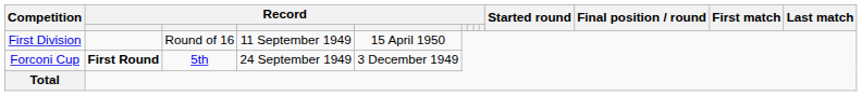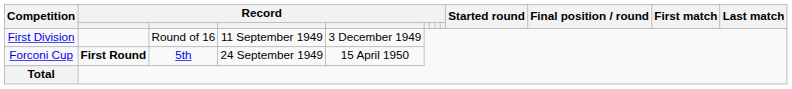 <table class="wikitable" style="text-align: center">
 <tr>
 <th rowspan=2>Competition</th>
 <th colspan=8>Record</th>
 <th rowspan=2>Started round</th>
 <th rowspan=2>Final position / round</th>
 <th rowspan=2>First match</th>
 <th rowspan=2>Last match</th>
 </tr>
 <tr>
 <th></th>
 <th></th>
 <th></th>
 <th></th>
 <th></th>
 <th></th>
 <th></th>
 <th></th>
 </tr>
 <tr>
 <td><a href='#'>First Division</a><br></td>
 <td></td>
 <td>Round of 16</td>
 <td>11 September 1949</td>
-<td>15 April 1950</td>
+<td>3 December 1949</td>
 </tr>
 <tr>
 <td><a href='#'>Forconi Cup</a><br></td>
 <td><strong>First Round</strong></td>
 <td><a href='#'>5th</a></td>
 <td>24 September 1949</td>
-<td>3 December 1949</td>
+<td>15 April 1950</td>
 </tr>
 <tr>
 <th>Total<br></th>
 </tr>
 </table>
